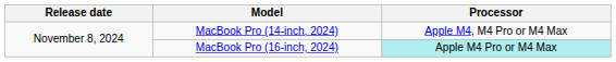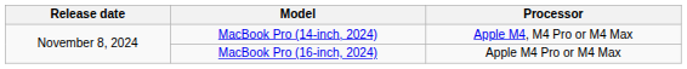 <table class="wikitable sortable" style="width:70%; text-align: center;">
 <tr>
 <th>Release date</th>
 <th>Model</th>
 <th>Processor</th>
 </tr>
 <tr>
 <td rowspan=2>November 8, 2024</td>
 <td><a href='#'>MacBook Pro (14-inch, 2024)</a></td>
 <td><a href='#'>Apple M4</a>, M4 Pro or M4 Max</td>
 </tr>
 <tr>
 <td><a href='#'>MacBook Pro (16-inch, 2024)</a></td>
-<td style="background: paleturquoise;">Apple M4 Pro or M4 Max</td>
+<td>Apple M4 Pro or M4 Max</td>
 </tr>
 </table>
